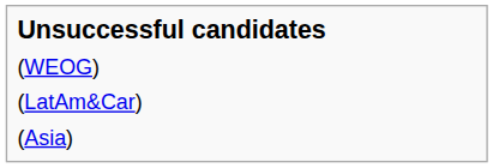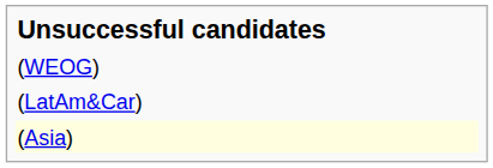 <table class="infobox" width="300px">
 <tr>
 <td><strong>Unsuccessful candidates</strong></td>
 </tr>
 <tr>
 <td> <small>(<a href='#'>WEOG</a>)</small></td>
 </tr>
 <tr>
 <td> <small>(<a href='#'>LatAm&Car</a>)</small></td>
 </tr>
 <tr>
-<td> <small>(<a href='#'>Asia</a>)</small></td>
+<td style="background: lightyellow;"> <small>(<a href='#'>Asia</a>)</small></td>
 </tr>
 </table>
